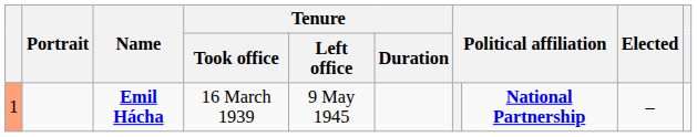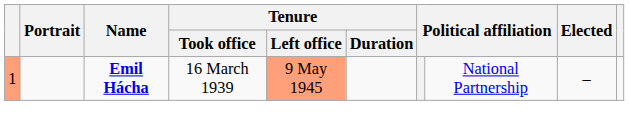 <table class="wikitable" style="text-align:center">
 <tr>
 <th rowspan=2></th>
 <th rowspan=2>Portrait</th>
 <th rowspan=2>Name<br></th>
 <th colspan=3>Tenure</th>
 <th rowspan=2 colspan=2>Political affiliation</th>
 <th rowspan=2>Elected</th>
 <th rowspan=2></th>
 </tr>
 <tr>
 <th>Took office</th>
 <th>Left office</th>
 <th>Duration</th>
 </tr>
 <tr>
 <td style="background: lightsalmon;">1</td>
 <td></td>
 <td><strong><a href='#'>Emil Hácha</a></strong><br></td>
 <td>16 March 1939</td>
-<td>9 May 1945</td>
+<td style="background: lightsalmon;">9 May 1945</td>
 <td></td>
 <th style="background:"></th>
-<td><strong><a href='#'>National Partnership</a></strong></td>
+<td><a href='#'>National Partnership</a></td>
 <td>–</td>
 <td></td>
 </tr>
 </table>
